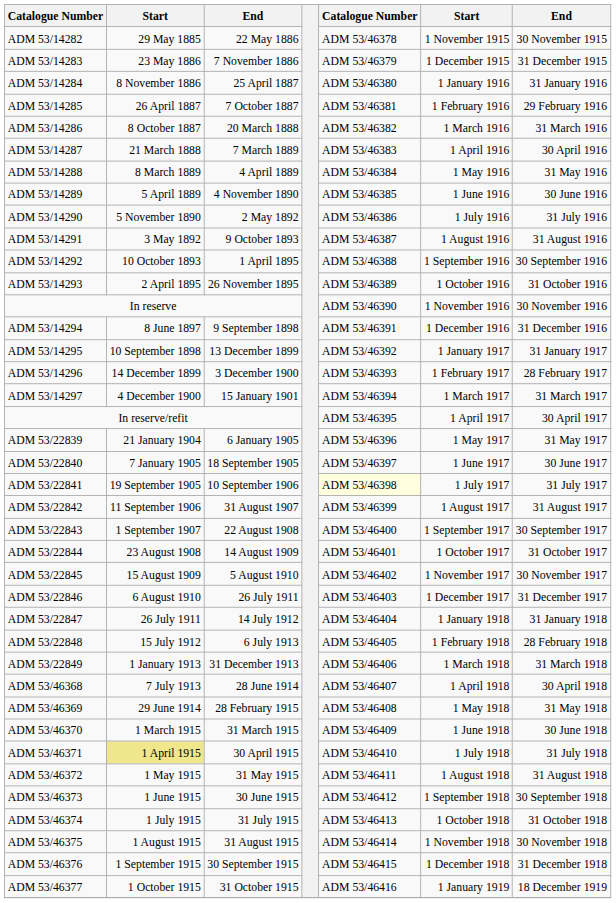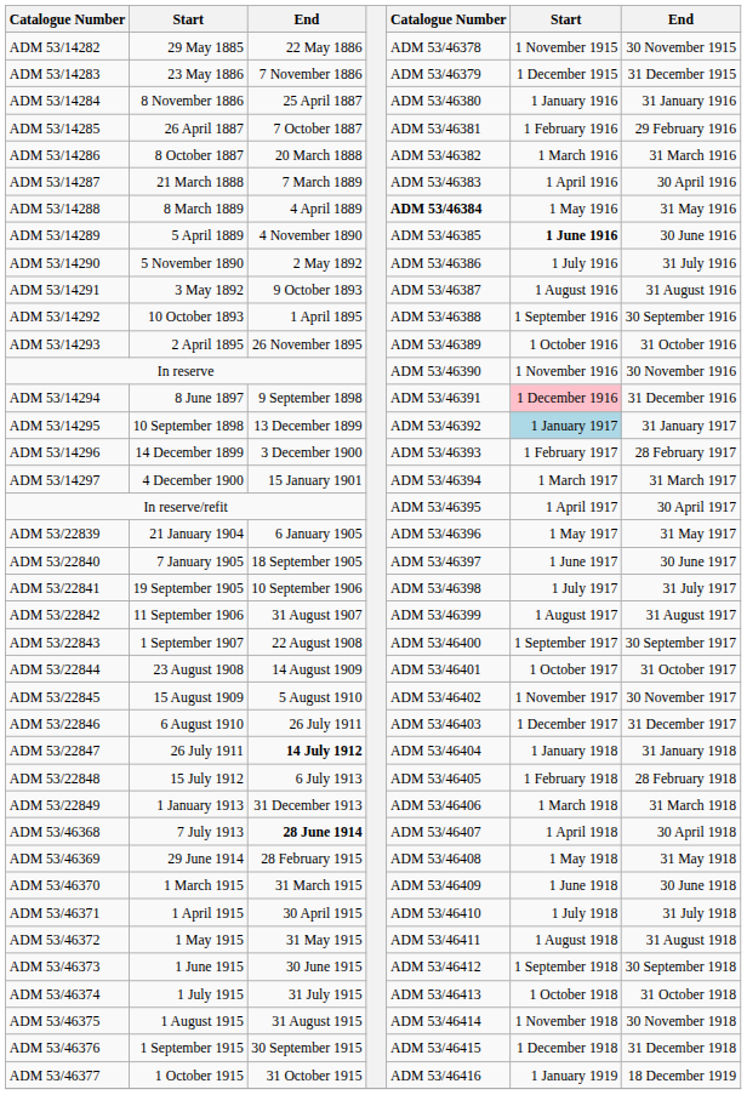 <table class="wikitable">
 <tr>
 <th><small> Catalogue Number</small></th>
 <th><small> Start</small></th>
 <th><small> End</small></th>
 <th rowspan=40 width = 12></th>
 <th><small> Catalogue Number</small></th>
 <th><small> Start</small></th>
 <th><small> End</small></th>
 </tr>
 <tr>
 <td><small> ADM 53/14282 </small></td>
 <td align= right><small> 29 May 1885 </small></td>
 <td align= right><small> 22 May 1886 </small></td>
 <td><small> ADM 53/46378 </small></td>
 <td align= right><small> 1 November 1915</small></td>
 <td align= right><small> 30 November 1915</small></td>
 </tr>
 <tr>
 <td><small> ADM 53/14283 </small></td>
 <td align= right><small> 23 May 1886 </small></td>
 <td align= right><small> 7 November 1886 </small></td>
 <td><small> ADM 53/46379 </small></td>
 <td align= right><small> 1 December 1915</small></td>
 <td align= right><small> 31 December 1915</small></td>
 </tr>
 <tr>
 <td><small> ADM 53/14284 </small></td>
 <td align= right><small> 8 November 1886 </small></td>
 <td align= right><small> 25 April 1887 </small></td>
 <td><small> ADM 53/46380 </small></td>
 <td align= right><small> 1 January 1916</small></td>
 <td align= right><small> 31 January 1916</small></td>
 </tr>
 <tr>
 <td><small> ADM 53/14285 </small></td>
 <td align= right><small> 26 April 1887 </small></td>
 <td align= right><small> 7 October 1887 </small></td>
 <td><small> ADM 53/46381 </small></td>
 <td align= right><small> 1 February 1916</small></td>
 <td align= right><small> 29 February 1916</small></td>
 </tr>
 <tr>
 <td><small> ADM 53/14286 </small></td>
 <td align= right><small> 8 October 1887 </small></td>
 <td align= right><small> 20 March 1888 </small></td>
 <td><small> ADM 53/46382 </small></td>
 <td align= right><small> 1 March 1916</small></td>
 <td align= right><small> 31 March 1916</small></td>
 </tr>
 <tr>
 <td><small> ADM 53/14287 </small></td>
 <td align= right><small> 21 March 1888 </small></td>
 <td align= right><small> 7 March 1889 </small></td>
 <td><small> ADM 53/46383 </small></td>
 <td align= right><small> 1 April 1916</small></td>
 <td align= right><small> 30 April 1916</small></td>
 </tr>
 <tr>
 <td><small> ADM 53/14288 </small></td>
 <td align= right><small> 8 March 1889 </small></td>
 <td align= right><small> 4 April 1889 </small></td>
-<td><small> ADM 53/46384 </small></td>
+<td><strong><small> ADM 53/46384 </small></strong></td>
 <td align= right><small> 1 May 1916</small></td>
 <td align= right><small> 31 May 1916</small></td>
 </tr>
 <tr>
 <td><small> ADM 53/14289 </small></td>
 <td align= right><small> 5 April 1889 </small></td>
 <td align= right><small> 4 November 1890 </small></td>
 <td><small> ADM 53/46385 </small></td>
-<td align= right><small> 1 June 1916</small></td>
+<td align= right><strong><small> 1 June 1916</small></strong></td>
 <td align= right><small> 30 June 1916</small></td>
 </tr>
 <tr>
 <td><small> ADM 53/14290 </small></td>
 <td align= right><small> 5 November 1890 </small></td>
 <td align= right><small> 2 May 1892 </small></td>
 <td><small> ADM 53/46386 </small></td>
 <td align= right><small> 1 July 1916</small></td>
 <td align= right><small> 31 July 1916</small></td>
 </tr>
 <tr>
 <td><small> ADM 53/14291 </small></td>
 <td align= right><small> 3 May 1892 </small></td>
 <td align= right><small> 9 October 1893 </small></td>
 <td><small> ADM 53/46387 </small></td>
 <td align= right><small> 1 August 1916</small></td>
 <td align= right><small> 31 August 1916</small></td>
 </tr>
 <tr>
 <td><small> ADM 53/14292 </small></td>
 <td align= right><small> 10 October 1893 </small></td>
 <td align= right><small> 1 April 1895 </small></td>
 <td><small> ADM 53/46388 </small></td>
 <td align= right><small> 1 September 1916</small></td>
 <td align= right><small> 30 September 1916</small></td>
 </tr>
 <tr>
 <td><small> ADM 53/14293 </small></td>
 <td align= right><small> 2 April 1895 </small></td>
 <td align= right><small> 26 November 1895 </small></td>
 <td><small> ADM 53/46389 </small></td>
 <td align= right><small> 1 October 1916</small></td>
 <td align= right><small> 31 October 1916</small></td>
 </tr>
 <tr>
 <td colspan=3 align=center><small> In reserve </small></td>
 <td><small> ADM 53/46390 </small></td>
 <td align= right><small> 1 November 1916</small></td>
 <td align= right><small> 30 November 1916</small></td>
 </tr>
 <tr>
 <td><small> ADM 53/14294 </small></td>
 <td align= right><small> 8 June 1897 </small></td>
 <td align= right><small> 9 September 1898 </small></td>
 <td><small> ADM 53/46391 </small></td>
-<td align= right><small> 1 December 1916</small></td>
+<td align= right style="background: pink;"><small> 1 December 1916</small></td>
 <td align= right><small> 31 December 1916</small></td>
 </tr>
 <tr>
 <td><small> ADM 53/14295 </small></td>
 <td align= right><small> 10 September 1898 </small></td>
 <td align= right><small> 13 December 1899 </small></td>
 <td><small> ADM 53/46392 </small></td>
-<td align= right><small> 1 January 1917</small></td>
+<td align= right style="background: lightblue;"><small> 1 January 1917</small></td>
 <td align= right><small> 31 January 1917</small></td>
 </tr>
 <tr>
 <td><small> ADM 53/14296 </small></td>
 <td align= right><small> 14 December 1899 </small></td>
 <td align= right><small> 3 December 1900</small></td>
 <td><small> ADM 53/46393 </small></td>
 <td align= right><small> 1 February 1917</small></td>
 <td align= right><small> 28 February 1917</small></td>
 </tr>
 <tr>
 <td><small> ADM 53/14297 </small></td>
 <td align= right><small> 4 December 1900</small></td>
 <td align= right><small> 15 January 1901</small></td>
 <td><small> ADM 53/46394 </small></td>
 <td align= right><small> 1 March 1917</small></td>
 <td align= right><small> 31 March 1917</small></td>
 </tr>
 <tr>
 <td colspan=3 align=center><small> In reserve/refit </small></td>
 <td><small> ADM 53/46395 </small></td>
 <td align= right><small> 1 April 1917</small></td>
 <td align= right><small> 30 April 1917</small></td>
 </tr>
 <tr>
 <td><small> ADM 53/22839 </small></td>
 <td align= right><small> 21 January 1904</small></td>
 <td align= right><small> 6 January 1905</small></td>
 <td><small> ADM 53/46396 </small></td>
 <td align= right><small> 1 May 1917</small></td>
 <td align= right><small> 31 May 1917</small></td>
 </tr>
 <tr>
 <td><small> ADM 53/22840 </small></td>
 <td align= right><small> 7 January 1905</small></td>
 <td align= right><small> 18 September 1905</small></td>
 <td><small> ADM 53/46397 </small></td>
 <td align= right><small> 1 June 1917</small></td>
 <td align= right><small> 30 June 1917</small></td>
 </tr>
 <tr>
 <td><small> ADM 53/22841 </small></td>
 <td align= right><small> 19 September 1905</small></td>
 <td align= right><small> 10 September 1906</small></td>
-<td style="background: lightyellow;"><small> ADM 53/46398 </small></td>
+<td><small> ADM 53/46398 </small></td>
 <td align= right><small> 1 July 1917</small></td>
 <td align= right><small> 31 July 1917</small></td>
 </tr>
 <tr>
 <td><small> ADM 53/22842 </small></td>
 <td align= right><small> 11 September 1906</small></td>
 <td align= right><small> 31 August 1907</small></td>
 <td><small> ADM 53/46399 </small></td>
 <td align= right><small> 1 August 1917</small></td>
 <td align= right><small> 31 August 1917</small></td>
 </tr>
 <tr>
 <td><small> ADM 53/22843 </small></td>
 <td align= right><small> 1 September 1907</small></td>
 <td align= right><small> 22 August 1908</small></td>
 <td><small> ADM 53/46400 </small></td>
 <td align= right><small> 1 September 1917</small></td>
 <td align= right><small> 30 September 1917</small></td>
 </tr>
 <tr>
 <td><small> ADM 53/22844 </small></td>
 <td align= right><small> 23 August 1908</small></td>
 <td align= right><small> 14 August 1909</small></td>
 <td><small> ADM 53/46401 </small></td>
 <td align= right><small> 1 October 1917</small></td>
 <td align= right><small> 31 October 1917</small></td>
 </tr>
 <tr>
 <td><small> ADM 53/22845 </small></td>
 <td align= right><small> 15 August 1909</small></td>
 <td align= right><small> 5 August 1910</small></td>
 <td><small> ADM 53/46402 </small></td>
 <td align= right><small> 1 November 1917</small></td>
 <td align= right><small> 30 November 1917</small></td>
 </tr>
 <tr>
 <td><small> ADM 53/22846 </small></td>
 <td align= right><small> 6 August 1910</small></td>
 <td align= right><small> 26 July 1911</small></td>
 <td><small> ADM 53/46403 </small></td>
 <td align= right><small> 1 December 1917</small></td>
 <td align= right><small> 31 December 1917</small></td>
 </tr>
 <tr>
 <td><small> ADM 53/22847 </small></td>
 <td align= right><small> 26 July 1911</small></td>
-<td align= right><small> 14 July 1912</small></td>
+<td align= right><strong><small> 14 July 1912</small></strong></td>
 <td><small> ADM 53/46404 </small></td>
 <td align= right><small> 1 January 1918</small></td>
 <td align= right><small> 31 January 1918</small></td>
 </tr>
 <tr>
 <td><small> ADM 53/22848 </small></td>
 <td align= right><small> 15 July 1912</small></td>
 <td align= right><small> 6 July 1913</small></td>
 <td><small> ADM 53/46405 </small></td>
 <td align= right><small> 1 February 1918</small></td>
 <td align= right><small> 28 February 1918</small></td>
 </tr>
 <tr>
 <td><small> ADM 53/22849 </small></td>
 <td align= right><small> 1 January 1913</small></td>
 <td align= right><small> 31 December 1913</small></td>
 <td><small> ADM 53/46406 </small></td>
 <td align= right><small> 1 March 1918</small></td>
 <td align= right><small> 31 March 1918</small></td>
 </tr>
 <tr>
 <td><small> ADM 53/46368 </small></td>
 <td align= right><small> 7 July 1913</small></td>
-<td align= right><small> 28 June 1914</small></td>
+<td align= right><strong><small> 28 June 1914</small></strong></td>
 <td><small> ADM 53/46407 </small></td>
 <td align= right><small> 1 April 1918</small></td>
 <td align= right><small> 30 April 1918</small></td>
 </tr>
 <tr>
 <td><small> ADM 53/46369 </small></td>
 <td align= right><small> 29 June 1914</small></td>
 <td align= right><small> 28 February 1915</small></td>
 <td><small> ADM 53/46408 </small></td>
 <td align= right><small> 1 May 1918</small></td>
 <td align= right><small> 31 May 1918</small></td>
 </tr>
 <tr>
 <td><small> ADM 53/46370 </small></td>
 <td align= right><small> 1 March 1915</small></td>
 <td align= right><small> 31 March 1915</small></td>
 <td><small> ADM 53/46409 </small></td>
 <td align= right><small> 1 June 1918</small></td>
 <td align= right><small> 30 June 1918</small></td>
 </tr>
 <tr>
 <td><small> ADM 53/46371 </small></td>
-<td align= right style="background: khaki;"><small> 1 April 1915</small></td>
+<td align= right><small> 1 April 1915</small></td>
 <td align= right><small> 30 April 1915</small></td>
 <td><small> ADM 53/46410 </small></td>
 <td align= right><small> 1 July 1918</small></td>
 <td align= right><small> 31 July 1918</small></td>
 </tr>
 <tr>
 <td><small> ADM 53/46372 </small></td>
 <td align= right><small> 1 May 1915</small></td>
 <td align= right><small> 31 May 1915</small></td>
 <td><small> ADM 53/46411 </small></td>
 <td align= right><small> 1 August 1918</small></td>
 <td align= right><small> 31 August 1918</small></td>
 </tr>
 <tr>
 <td><small> ADM 53/46373 </small></td>
 <td align= right><small> 1 June 1915</small></td>
 <td align= right><small> 30 June 1915</small></td>
 <td><small> ADM 53/46412 </small></td>
 <td align= right><small> 1 September 1918</small></td>
 <td align= right><small> 30 September 1918</small></td>
 </tr>
 <tr>
 <td><small> ADM 53/46374 </small></td>
 <td align= right><small> 1 July 1915</small></td>
 <td align= right><small> 31 July 1915</small></td>
 <td><small> ADM 53/46413 </small></td>
 <td align= right><small> 1 October 1918</small></td>
 <td align= right><small> 31 October 1918</small></td>
 </tr>
 <tr>
 <td><small> ADM 53/46375 </small></td>
 <td align= right><small> 1 August 1915</small></td>
 <td align= right><small> 31 August 1915</small></td>
 <td><small> ADM 53/46414 </small></td>
 <td align= right><small> 1 November 1918</small></td>
 <td align= right><small> 30 November 1918</small></td>
 </tr>
 <tr>
 <td><small> ADM 53/46376 </small></td>
 <td align= right><small> 1 September 1915</small></td>
 <td align= right><small> 30 September 1915</small></td>
 <td><small> ADM 53/46415 </small></td>
 <td align= right><small> 1 December 1918</small></td>
 <td align= right><small> 31 December 1918</small></td>
 </tr>
 <tr>
 <td><small> ADM 53/46377 </small></td>
 <td align= right><small> 1 October 1915</small></td>
 <td align= right><small> 31 October 1915</small></td>
 <td><small> ADM 53/46416 </small></td>
 <td align= right><small> 1 January 1919</small></td>
 <td align= right><small> 18 December 1919</small></td>
 </tr>
 <tr>
 </tr>
 </table>
